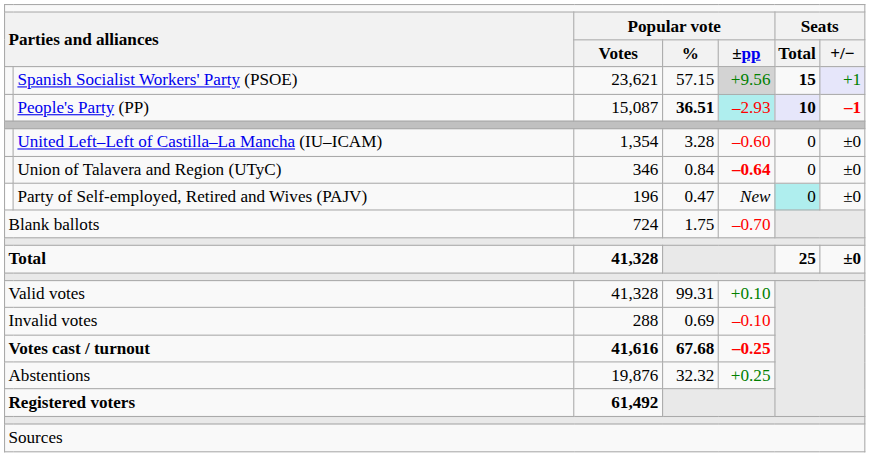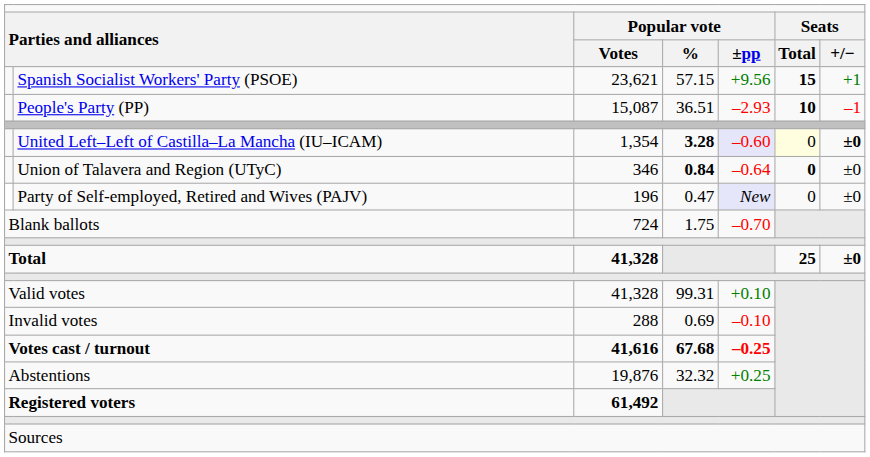 <table class="wikitable" style="text-align:right;">
 <tr>
 <td colspan="7"></td>
 </tr>
 <tr>
 <th style="text-align:left;" rowspan="2" colspan="2" width="525">Parties and alliances</th>
 <th colspan="3">Popular vote</th>
 <th colspan="2">Seats</th>
 </tr>
 <tr>
 <th width="75">Votes</th>
 <th width="45">%</th>
 <th width="45">±<a href='#'>pp</a></th>
 <th width="35">Total</th>
 <th width="35">+/−</th>
 </tr>
 <tr>
 <td width="1" style="color:inherit;background:"></td>
 <td align="left"><a href='#'>Spanish Socialist Workers' Party</a> (PSOE)</td>
 <td>23,621</td>
 <td>57.15</td>
-<td style="background: lightgrey; color:green;">+9.56</td>
+<td style="color:green;">+9.56</td>
 <td><strong>15</strong></td>
-<td style="background: lavender; color:green;">+1</td>
+<td style="color:green;">+1</td>
 </tr>
 <tr>
 <td style="color:inherit;background:"></td>
 <td align="left"><a href='#'>People's Party</a> (PP)</td>
 <td>15,087</td>
-<td><strong>36.51</strong></td>
-<td style="background: paleturquoise; color:red;">–2.93</td>
-<td style="background: lavender;"><strong>10</strong></td>
-<td style="color:red;"><strong>–1</strong></td>
+<td>36.51</td>
+<td style="color:red;">–2.93</td>
+<td><strong>10</strong></td>
+<td style="color:red;">–1</td>
 </tr>
 <tr>
 <td colspan="7" bgcolor="#C0C0C0"></td>
 </tr>
 <tr>
 <td style="color:inherit;background:"></td>
 <td align="left"><a href='#'>United Left–Left of Castilla–La Mancha</a> (IU–ICAM)</td>
 <td>1,354</td>
-<td>3.28</td>
-<td style="color:red;">–0.60</td>
-<td>0</td>
-<td>±0</td>
+<td><strong>3.28</strong></td>
+<td style="background: lavender; color:red;">–0.60</td>
+<td style="background: lightyellow;">0</td>
+<td><strong>±0</strong></td>
 </tr>
 <tr>
 <td style="color:inherit;background:"></td>
 <td align="left">Union of Talavera and Region (UTyC)</td>
 <td>346</td>
-<td>0.84</td>
-<td style="color:red;"><strong>–0.64</strong></td>
-<td>0</td>
+<td><strong>0.84</strong></td>
+<td style="color:red;">–0.64</td>
+<td><strong>0</strong></td>
 <td>±0</td>
 </tr>
 <tr>
 <td bgcolor="white"></td>
 <td align="left">Party of Self-employed, Retired and Wives (PAJV)</td>
 <td>196</td>
 <td>0.47</td>
-<td><em>New</em></td>
-<td style="background: paleturquoise;">0</td>
+<td style="background: lavender;"><em>New</em></td>
+<td>0</td>
 <td>±0</td>
 </tr>
 <tr>
 <td align="left" colspan="2">Blank ballots</td>
 <td>724</td>
 <td>1.75</td>
 <td style="color:red;">–0.70</td>
 <td bgcolor="#E9E9E9" colspan="2"></td>
 </tr>
 <tr>
 <td colspan="7" bgcolor="#E9E9E9"></td>
 </tr>
 <tr style="font-weight:bold;">
 <td align="left" colspan="2">Total</td>
 <td>41,328</td>
 <td bgcolor="#E9E9E9" colspan="2"></td>
 <td>25</td>
 <td>±0</td>
 </tr>
 <tr>
 <td colspan="7" bgcolor="#E9E9E9"></td>
 </tr>
 <tr>
 <td align="left" colspan="2">Valid votes</td>
 <td>41,328</td>
 <td>99.31</td>
 <td style="color:green;">+0.10</td>
 <td bgcolor="#E9E9E9" colspan="2" rowspan="5"></td>
 </tr>
 <tr>
 <td align="left" colspan="2">Invalid votes</td>
 <td>288</td>
 <td>0.69</td>
 <td style="color:red;">–0.10</td>
 </tr>
 <tr style="font-weight:bold;">
 <td align="left" colspan="2">Votes cast / turnout</td>
 <td>41,616</td>
 <td>67.68</td>
 <td style="color:red;">–0.25</td>
 </tr>
 <tr>
 <td align="left" colspan="2">Abstentions</td>
 <td>19,876</td>
 <td>32.32</td>
 <td style="color:green;">+0.25</td>
 </tr>
 <tr style="font-weight:bold;">
 <td align="left" colspan="2">Registered voters</td>
 <td>61,492</td>
 <td bgcolor="#E9E9E9" colspan="2"></td>
 </tr>
 <tr>
 <td colspan="7" bgcolor="#E9E9E9"></td>
 </tr>
 <tr>
 <td align="left" colspan="7">Sources</td>
 </tr>
 </table>
